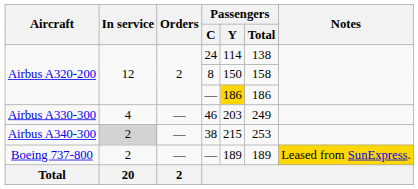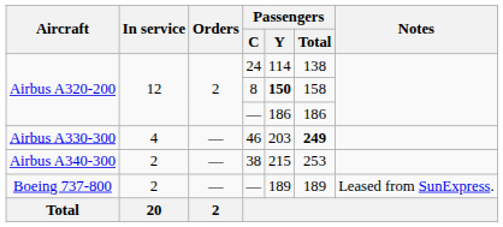 <table class="wikitable" style="margin:0.5em auto; text-align:center">
 <tr>
 <th rowspan=2>Aircraft</th>
 <th rowspan=2>In service</th>
 <th rowspan=2>Orders</th>
 <th colspan=3>Passengers</th>
 <th rowspan=2>Notes</th>
 </tr>
 <tr>
 <th><abbr>C</abbr></th>
 <th><abbr>Y</abbr></th>
 <th>Total</th>
 </tr>
 <tr>
 <td rowspan="3"><a href='#'>Airbus A320-200</a></td>
 <td rowspan="3">12</td>
 <td rowspan="3">2</td>
 <td>24</td>
 <td>114</td>
 <td>138</td>
 <td rowspan="3"></td>
 </tr>
 <tr>
 <td>8</td>
-<td>150</td>
+<td><strong>150</strong></td>
 <td>158</td>
 </tr>
 <tr>
 <td>—</td>
-<td style="background: gold;">186</td>
+<td>186</td>
 <td>186</td>
 </tr>
 <tr>
 <td><a href='#'>Airbus A330-300</a></td>
 <td>4</td>
 <td>—</td>
 <td>46</td>
 <td>203</td>
-<td>249</td>
+<td><strong>249</strong></td>
 <td></td>
 </tr>
 <tr>
 <td><a href='#'>Airbus A340-300</a></td>
-<td style="background: lightgrey;">2</td>
+<td>2</td>
 <td>—</td>
 <td>38</td>
 <td>215</td>
 <td>253</td>
 <td></td>
 </tr>
 <tr>
 <td><a href='#'>Boeing 737-800</a></td>
 <td>2</td>
 <td>—</td>
 <td>—</td>
 <td>189</td>
 <td>189</td>
-<td style="background: gold;">Leased from <a href='#'>SunExpress</a>.</td>
+<td>Leased from <a href='#'>SunExpress</a>.</td>
 </tr>
 <tr>
 <th>Total</th>
 <th>20</th>
 <th>2</th>
 <th colspan="5"></th>
 </tr>
 </table>
